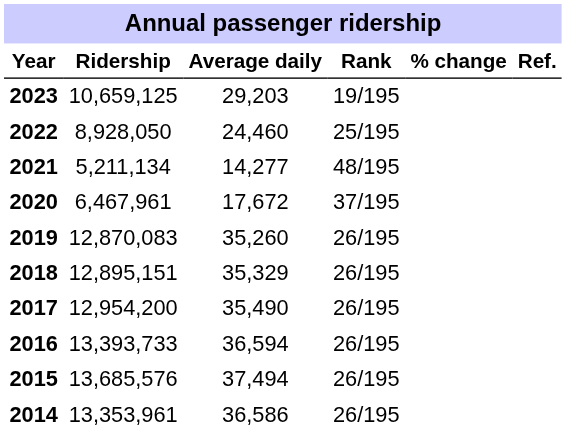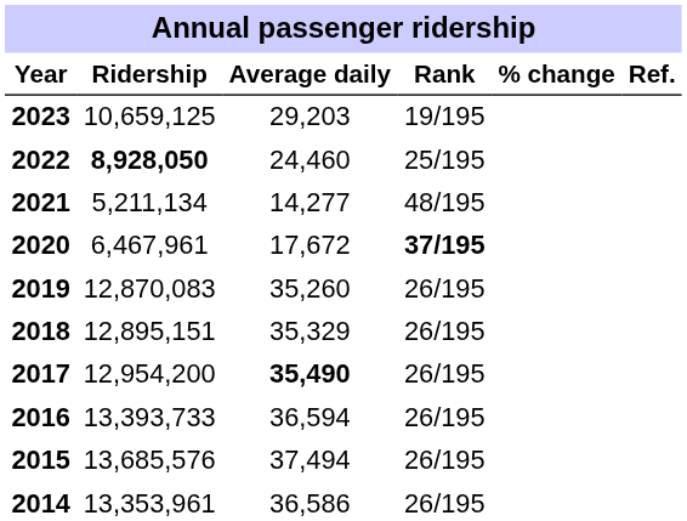 <table class="toccolours" cellpadding="4" cellspacing="0" style="text-align:right;">
 <tr>
 <th colspan="6"  style="background-color:#ccf; background-color:#ccf; font-size:110%; text-align:center;">Annual passenger ridership</th>
 </tr>
 <tr style="font-size:95%; text-align:center">
 <th style="border-bottom:1px solid black">Year</th>
 <th style="border-bottom:1px solid black">Ridership</th>
 <th style="border-bottom:1px solid black">Average daily</th>
 <th style="border-bottom:1px solid black">Rank</th>
 <th style="border-bottom:1px solid black">% change</th>
 <th style="border-bottom:1px solid black">Ref.</th>
 </tr>
 <tr style="text-align:center;">
 <td><strong>2023</strong></td>
 <td>10,659,125</td>
 <td>29,203</td>
 <td>19/195</td>
 <td></td>
 <td></td>
 </tr>
 <tr>
 </tr>
 <tr style="text-align:center;">
 <td><strong>2022</strong></td>
-<td>8,928,050</td>
+<td><strong>8,928,050</strong></td>
 <td>24,460</td>
 <td>25/195</td>
 <td></td>
 <td></td>
 </tr>
 <tr style="text-align:center;">
 <td><strong>2021</strong></td>
 <td>5,211,134</td>
 <td>14,277</td>
 <td>48/195</td>
 <td></td>
 <td></td>
 </tr>
 <tr style="text-align:center;">
 <td><strong>2020</strong></td>
 <td>6,467,961</td>
 <td>17,672</td>
-<td>37/195</td>
+<td><strong>37/195</strong></td>
 <td></td>
 <td></td>
 </tr>
 <tr style="text-align:center;">
 <td><strong>2019</strong></td>
 <td>12,870,083</td>
 <td>35,260</td>
 <td>26/195</td>
 <td></td>
 <td></td>
 </tr>
 <tr style="text-align:center;">
 <td><strong>2018</strong></td>
 <td>12,895,151</td>
 <td>35,329</td>
 <td>26/195</td>
 <td></td>
 <td></td>
 </tr>
 <tr style="text-align:center;">
 <td><strong>2017</strong></td>
 <td>12,954,200</td>
-<td>35,490</td>
+<td><strong>35,490</strong></td>
 <td>26/195</td>
 <td></td>
 <td></td>
 </tr>
 <tr style="text-align:center;">
 <td><strong>2016</strong></td>
 <td>13,393,733</td>
 <td>36,594</td>
 <td>26/195</td>
 <td></td>
 <td></td>
 </tr>
 <tr style="text-align:center;">
 <td><strong>2015</strong></td>
 <td>13,685,576</td>
 <td>37,494</td>
 <td>26/195</td>
 <td></td>
 <td></td>
 </tr>
 <tr style="text-align:center;">
 <td><strong>2014</strong></td>
 <td>13,353,961</td>
 <td>36,586</td>
 <td>26/195</td>
 <td></td>
 <td></td>
 </tr>
 </table>
